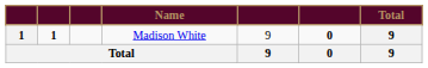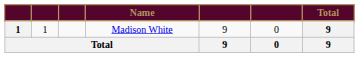 <table class="wikitable sortable" style="text-align:center;">
 <tr>
 <th style="background:#54052B; color:#B39262; border:2px solid #B39262; width:35px;" scope="col"></th>
 <th style="background:#54052B; color:#B39262; border:2px solid #B39262; width:35px;" scope="col"></th>
 <th style="background:#54052B; color:#B39262; border:2px solid #B39262; width:35px;" scope="col"></th>
 <th style="background:#54052B; color:#B39262; border:2px solid #B39262; width:175px;" scope="col">Name</th>
 <th style="background:#54052B; color:#B39262; border:2px solid #B39262; width:75px;" scope="col"></th>
 <th style="background:#54052B; color:#B39262; border:2px solid #B39262; width:75px;" scope="col"></th>
 <th style="background:#54052B; color:#B39262; border:2px solid #B39262; width:75px;" scope="col">Total</th>
 </tr>
 <tr>
 <th>1</th>
-<td><strong>1</strong></td>
+<td>1</td>
 <td></td>
 <td><a href='#'>Madison White</a></td>
 <td>9</td>
-<td><strong>0</strong></td>
+<td>0</td>
 <th>9</th>
 </tr>
 <tr>
 <th colspan="4" scope="row">Total</th>
 <th>9</th>
 <th>0</th>
 <th>9</th>
 </tr>
 </table>
